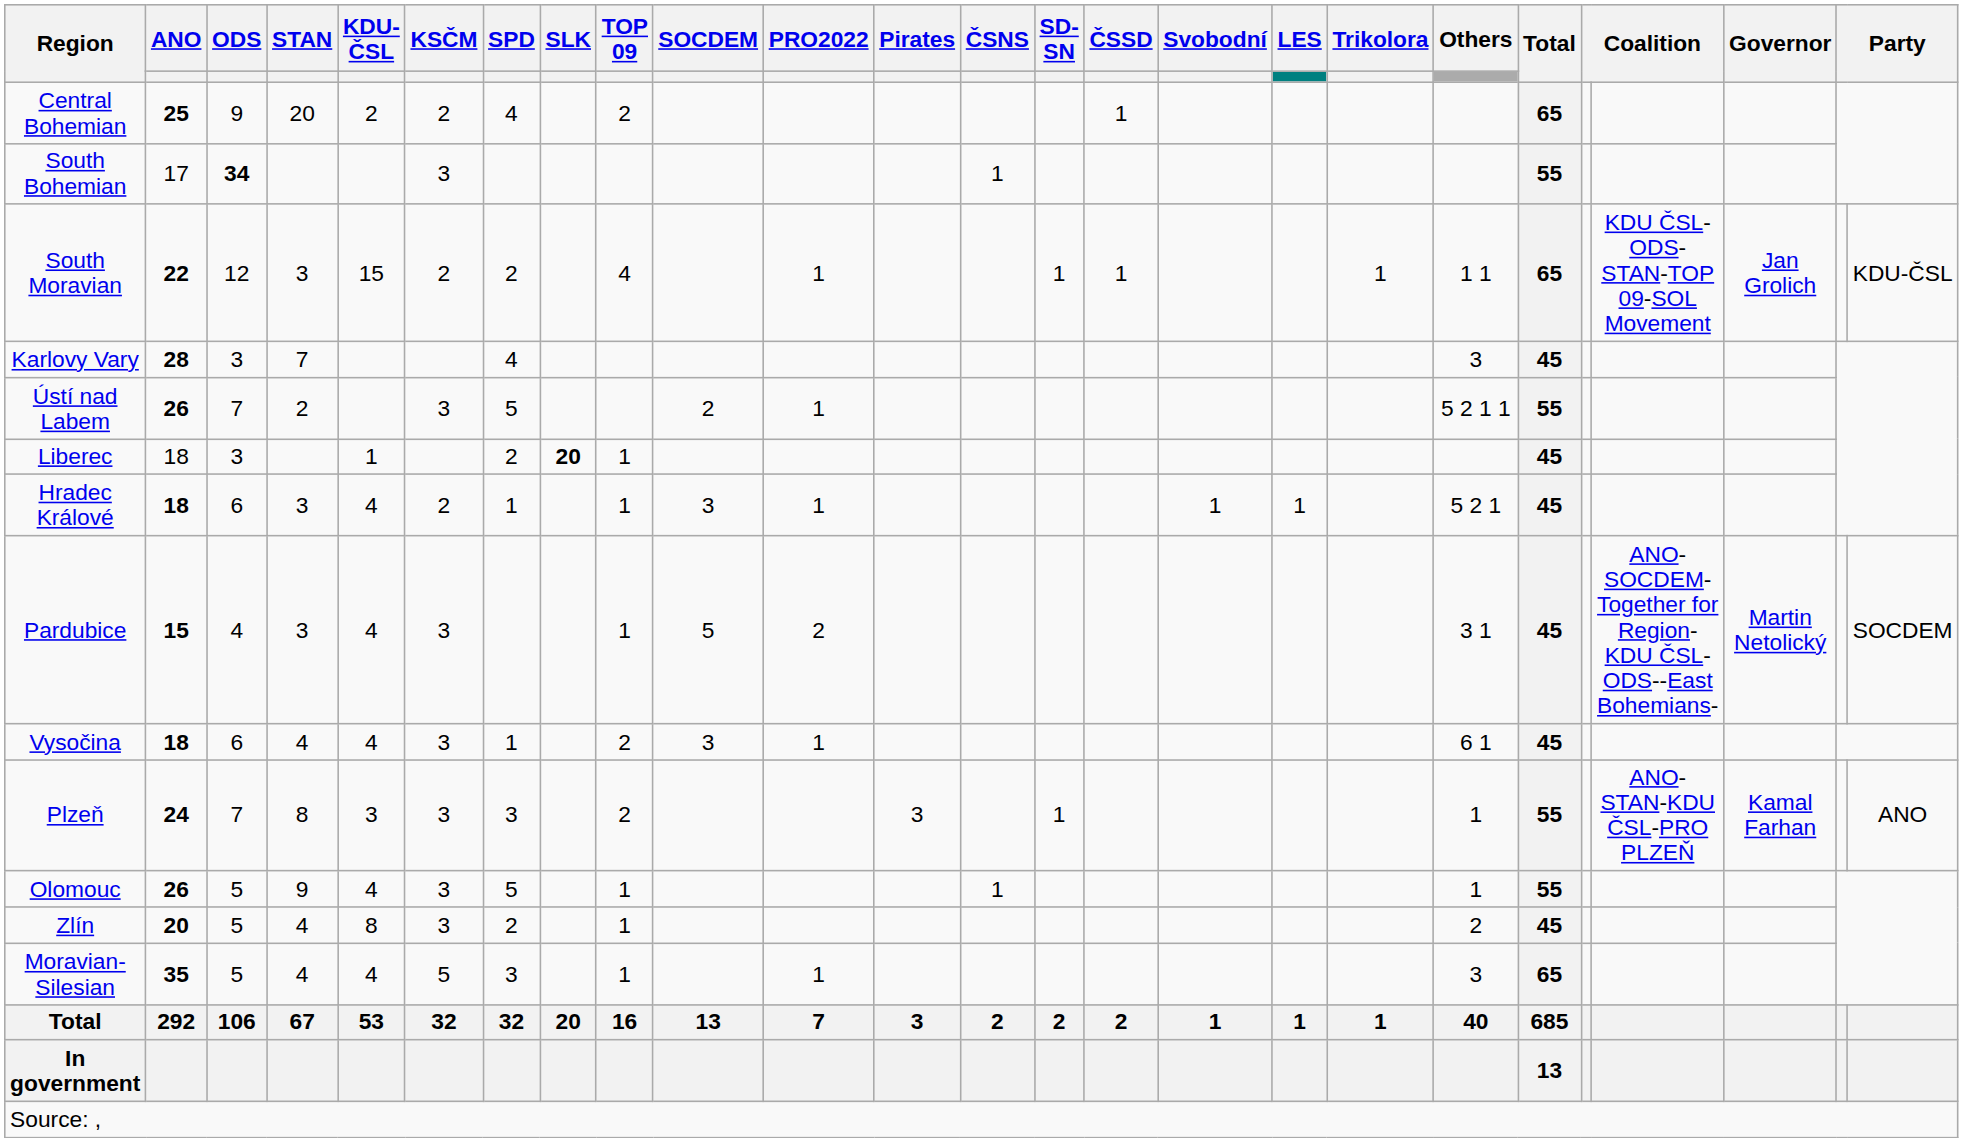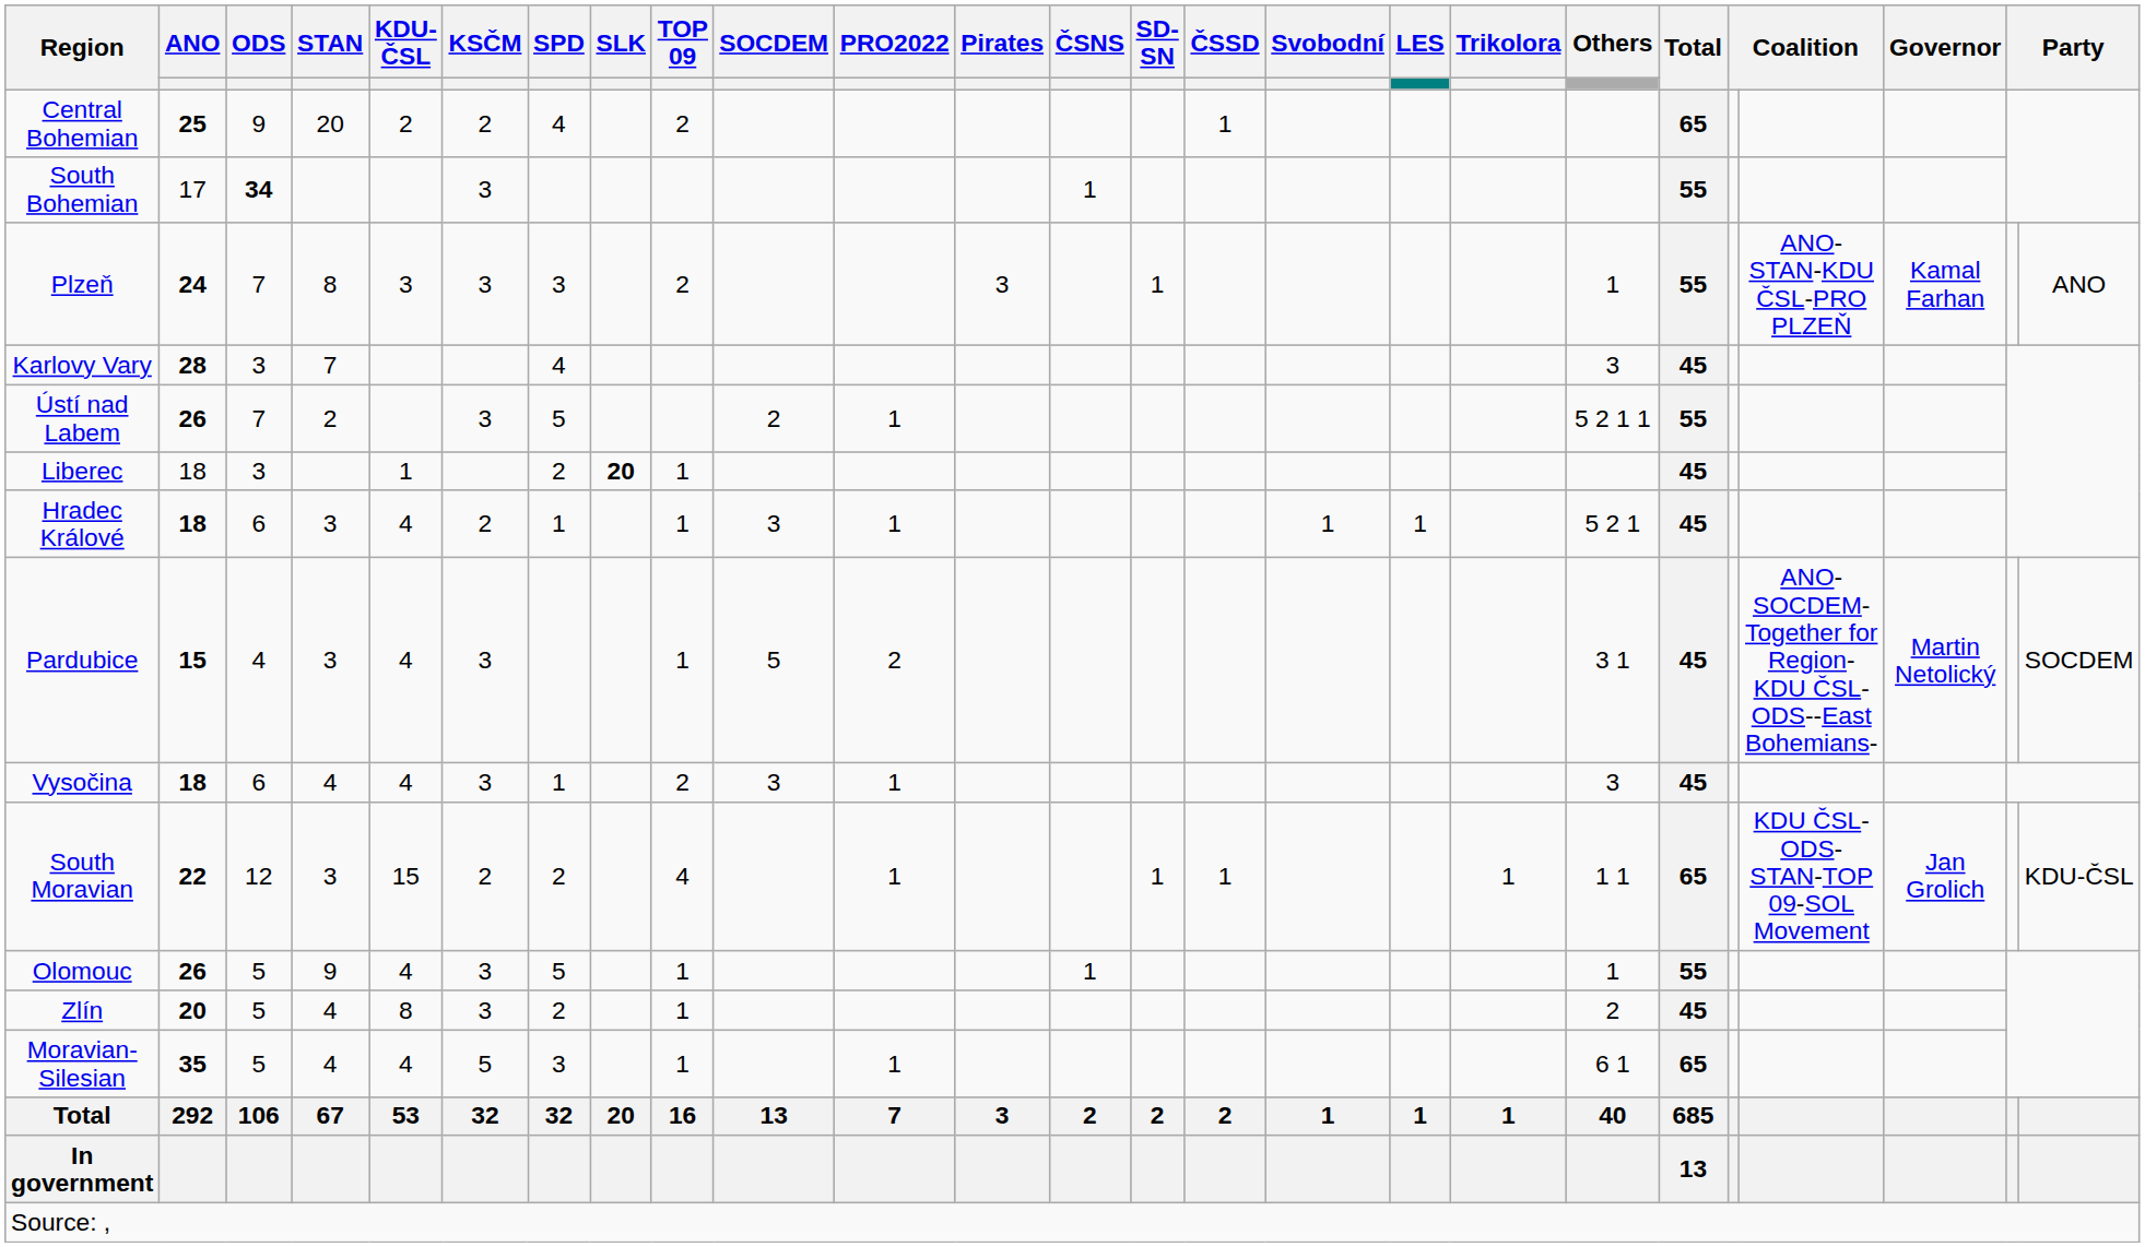 <table class="wikitable" style="text-align:center; font-size:90%; line-height:16px; width:95%">
 <tr style="height:42px;">
 <th style="width:120px;" rowspan="2">Region</th>
 <th><a href='#'><span>ANO</span></a></th>
 <th><a href='#'><span>ODS</span></a></th>
 <th><a href='#'><span>STAN</span></a></th>
 <th><a href='#'><span>KDU-ČSL</span></a></th>
 <th><a href='#'><span>KSČM</span></a></th>
 <th><a href='#'><span>SPD</span></a></th>
 <th><a href='#'><span>SLK</span></a></th>
 <th><a href='#'><span>TOP 09</span></a></th>
 <th><a href='#'><span>SOCDEM</span></a></th>
 <th><a href='#'><span>PRO2022</span></a></th>
 <th><a href='#'><span>Pirates</span></a></th>
 <th><a href='#'><span>ČSNS</span></a></th>
 <th><a href='#'><span>SD-SN</span></a></th>
 <th><a href='#'><span>ČSSD</span></a></th>
 <th><a href='#'><span>Svobodní</span></a></th>
 <th><a href='#'><span>LES</span></a></th>
 <th><a href='#'><span>Trikolora</span></a></th>
 <th><span>Others</span></th>
 <th style="width:20px;" rowspan="2">Total</th>
 <th style="width:180px;" rowspan="2" colspan="2">Coalition</th>
 <th style="width:100px;" rowspan="2">Governor</th>
 <th style="width:20px;" rowspan="2" colspan="2">Party</th>
 </tr>
 <tr>
 <th style="color:inherit;background:"></th>
 <th style="color:inherit;background:"></th>
 <th style="color:inherit;background:"></th>
 <th style="color:inherit;background:"></th>
 <th style="color:inherit;background:"></th>
 <th style="color:inherit;background:"></th>
 <th style="color:inherit;background:"></th>
 <th style="color:inherit;background:"></th>
 <th style="color:inherit;background:"></th>
 <th style="color:inherit;background:"></th>
 <th style="color:inherit;background:"></th>
 <th style="color:inherit;background:"></th>
 <th style="color:inherit;background:"></th>
 <th style="color:inherit;background:"></th>
 <th style="color:inherit;background:"></th>
 <th style="color:inherit;background:#008080;"></th>
 <th style="color:inherit;background:"></th>
 <th style="color:inherit;background:#ABABAB;"></th>
 </tr>
 <tr>
 <td><a href='#'>Central Bohemian</a></td>
 <td><strong>25</strong></td>
 <td>9 </td>
 <td>20</td>
 <td>2 </td>
 <td>2 </td>
 <td>4 </td>
 <td></td>
 <td>2 </td>
 <td></td>
 <td></td>
 <td></td>
 <td></td>
 <td></td>
 <td>1 </td>
 <td></td>
 <td></td>
 <td></td>
 <td></td>
 <th>65</th>
 <td></td>
 <td></td>
 <td></td>
 </tr>
 <tr>
 <td><a href='#'>South Bohemian</a></td>
 <td>17</td>
 <td><strong>34</strong></td>
 <td></td>
 <td></td>
 <td>3 </td>
 <td></td>
 <td></td>
 <td></td>
 <td></td>
 <td></td>
 <td></td>
 <td>1 </td>
 <td></td>
 <td></td>
 <td></td>
 <td></td>
 <td></td>
 <td></td>
 <th>55</th>
 <td></td>
 <td></td>
 <td></td>
 </tr>
 <tr>
-<td><a href='#'>South Moravian</a></td>
-<td><strong>22</strong></td>
-<td>12 </td>
+<td><a href='#'>Plzeň</a></td>
+<td><strong>24</strong></td>
+<td>7 </td>
+<td>8</td>
 <td>3 </td>
-<td>15 </td>
-<td>2 </td>
+<td>3 </td>
+<td>3 </td>
+<td></td>
 <td>2 </td>
 <td></td>
-<td>4 </td>
+<td></td>
+<td>3</td>
 <td></td>
 <td>1 </td>
 <td></td>
 <td></td>
-<td>1 </td>
-<td>1 </td>
 <td></td>
 <td></td>
 <td>1 </td>
-<td>1  1 </td>
-<th>65</th>
+<th>55</th>
 <td style="background:"></td>
-<td><a href='#'>KDU ČSL</a>-<a href='#'>ODS</a>-<a href='#'>STAN</a>-<a href='#'>TOP 09</a>-<a href='#'>SOL Movement</a></td>
-<td><a href='#'>Jan Grolich</a></td>
+<td><a href='#'>ANO</a>-<a href='#'>STAN</a>-<a href='#'>KDU ČSL</a>-<a href='#'>PRO PLZEŇ</a></td>
+<td><a href='#'>Kamal Farhan</a></td>
 <td style="background:"></td>
-<td>KDU-ČSL</td>
+<td>ANO</td>
 </tr>
 <tr>
 <td><a href='#'>Karlovy Vary</a></td>
 <td><strong>28</strong></td>
 <td>3</td>
 <td>7</td>
 <td></td>
 <td></td>
 <td>4 </td>
 <td></td>
 <td></td>
 <td></td>
 <td></td>
 <td></td>
 <td></td>
 <td></td>
 <td></td>
 <td></td>
 <td></td>
 <td></td>
 <td>3 </td>
 <th>45</th>
 <td></td>
 <td></td>
 <td></td>
 </tr>
 <tr>
 <td><a href='#'>Ústí nad Labem</a></td>
 <td><strong>26</strong></td>
 <td>7</td>
 <td>2 </td>
 <td></td>
 <td>3 </td>
 <td>5 </td>
 <td></td>
 <td></td>
 <td>2 </td>
 <td>1 </td>
 <td></td>
 <td></td>
 <td></td>
 <td></td>
 <td></td>
 <td></td>
 <td></td>
 <td>5  2  1  1 </td>
 <th>55</th>
 <td></td>
 <td></td>
 <td></td>
 </tr>
 <tr>
 <td><a href='#'>Liberec</a></td>
 <td>18</td>
 <td>3 </td>
 <td></td>
 <td>1 </td>
 <td></td>
 <td>2 </td>
 <td><strong>20</strong></td>
 <td>1 </td>
 <td></td>
 <td></td>
 <td></td>
 <td></td>
 <td></td>
 <td></td>
 <td></td>
 <td></td>
 <td></td>
 <td></td>
 <th>45</th>
 <td></td>
 <td></td>
 <td></td>
 </tr>
 <tr>
 <td><a href='#'>Hradec Králové</a></td>
 <td><strong>18</strong></td>
 <td>6 </td>
 <td>3 </td>
 <td>4 </td>
 <td>2 </td>
 <td>1 </td>
 <td></td>
 <td>1 </td>
 <td>3 </td>
 <td>1 </td>
 <td></td>
 <td></td>
 <td></td>
 <td></td>
 <td>1 </td>
 <td>1 </td>
 <td></td>
 <td>5  2  1 </td>
 <th>45</th>
 <td></td>
 <td></td>
 <td></td>
 </tr>
 <tr>
 <td><a href='#'>Pardubice</a></td>
 <td><strong>15</strong></td>
 <td>4 </td>
 <td>3</td>
 <td>4 </td>
 <td>3 </td>
 <td></td>
 <td></td>
 <td>1 </td>
 <td>5 </td>
 <td>2 </td>
 <td></td>
 <td></td>
 <td></td>
 <td></td>
 <td></td>
 <td></td>
 <td></td>
 <td>3  1 </td>
 <th>45</th>
 <td style="background:"></td>
 <td><a href='#'>ANO</a>-<a href='#'>SOCDEM</a>-<a href='#'>Together for Region</a>-<a href='#'>KDU ČSL</a>-<a href='#'>ODS</a>--<a href='#'>East Bohemians</a>-</td>
 <td><a href='#'>Martin Netolický</a></td>
 <td style="background:"></td>
 <td>SOCDEM</td>
 </tr>
 <tr>
 <td><a href='#'>Vysočina</a></td>
 <td><strong>18</strong></td>
 <td>6 </td>
 <td>4 </td>
 <td>4</td>
 <td>3 </td>
 <td>1 </td>
 <td></td>
 <td>2 </td>
 <td>3</td>
 <td>1 </td>
 <td></td>
 <td></td>
 <td></td>
 <td></td>
 <td></td>
 <td></td>
 <td></td>
-<td>6  1 </td>
+<td>3 </td>
 <th>45</th>
 <td></td>
 <td></td>
 <td></td>
 </tr>
 <tr>
-<td><a href='#'>Plzeň</a></td>
-<td><strong>24</strong></td>
-<td>7 </td>
-<td>8</td>
+<td><a href='#'>South Moravian</a></td>
+<td><strong>22</strong></td>
+<td>12 </td>
 <td>3 </td>
-<td>3 </td>
-<td>3 </td>
-<td></td>
+<td>15 </td>
+<td>2 </td>
 <td>2 </td>
 <td></td>
-<td></td>
-<td>3</td>
+<td>4 </td>
 <td></td>
 <td>1 </td>
 <td></td>
 <td></td>
+<td>1 </td>
+<td>1 </td>
 <td></td>
 <td></td>
 <td>1 </td>
-<th>55</th>
+<td>1  1 </td>
+<th>65</th>
 <td style="background:"></td>
-<td><a href='#'>ANO</a>-<a href='#'>STAN</a>-<a href='#'>KDU ČSL</a>-<a href='#'>PRO PLZEŇ</a></td>
-<td><a href='#'>Kamal Farhan</a></td>
+<td><a href='#'>KDU ČSL</a>-<a href='#'>ODS</a>-<a href='#'>STAN</a>-<a href='#'>TOP 09</a>-<a href='#'>SOL Movement</a></td>
+<td><a href='#'>Jan Grolich</a></td>
 <td style="background:"></td>
-<td>ANO</td>
+<td>KDU-ČSL</td>
 </tr>
 <tr>
 <td><a href='#'>Olomouc</a></td>
 <td><strong>26</strong></td>
 <td>5</td>
 <td>9 </td>
 <td>4 </td>
 <td>3 </td>
 <td>5 </td>
 <td></td>
 <td>1 </td>
 <td></td>
 <td></td>
 <td></td>
 <td>1 </td>
 <td></td>
 <td></td>
 <td></td>
 <td></td>
 <td></td>
 <td>1 </td>
 <th>55</th>
 <td></td>
 <td></td>
 <td></td>
 </tr>
 <tr>
 <td><a href='#'>Zlín</a></td>
 <td><strong>20</strong></td>
 <td>5</td>
 <td>4 </td>
 <td>8 </td>
 <td>3 </td>
 <td>2</td>
 <td></td>
 <td>1 </td>
 <td></td>
 <td></td>
 <td></td>
 <td></td>
 <td></td>
 <td></td>
 <td></td>
 <td></td>
 <td></td>
 <td>2 </td>
 <th>45</th>
 <td></td>
 <td></td>
 <td></td>
 </tr>
 <tr>
 <td><a href='#'>Moravian-Silesian</a></td>
 <td><strong>35</strong></td>
 <td>5 </td>
 <td>4 </td>
 <td>4 </td>
 <td>5 </td>
 <td>3 </td>
 <td></td>
 <td>1 </td>
 <td></td>
 <td>1 </td>
 <td></td>
 <td></td>
 <td></td>
 <td></td>
 <td></td>
 <td></td>
 <td></td>
-<td>3 </td>
+<td>6  1 </td>
 <th>65</th>
 <td></td>
 <td></td>
 <td></td>
 </tr>
 <tr>
 <th>Total</th>
 <th>292</th>
 <th>106</th>
 <th>67</th>
 <th>53</th>
 <th>32</th>
 <th>32</th>
 <th>20</th>
 <th>16</th>
 <th>13</th>
 <th>7</th>
 <th>3</th>
 <th>2</th>
 <th>2</th>
 <th>2</th>
 <th>1</th>
 <th>1</th>
 <th>1</th>
 <th>40</th>
 <th>685</th>
 <th></th>
 <th></th>
 <th></th>
 <th></th>
 <th></th>
 </tr>
 <tr>
 <th>In government</th>
 <th></th>
 <th></th>
 <th></th>
 <th></th>
 <th></th>
 <th></th>
 <th></th>
 <th></th>
 <th></th>
 <th></th>
 <th></th>
 <th></th>
 <th></th>
 <th></th>
 <th></th>
 <th></th>
 <th></th>
 <th></th>
 <th>13</th>
 <th></th>
 <th></th>
 <th></th>
 <th></th>
 <th></th>
 </tr>
 <tr>
 <td colspan=25 align=left>Source: , </td>
 </tr>
 </table>
